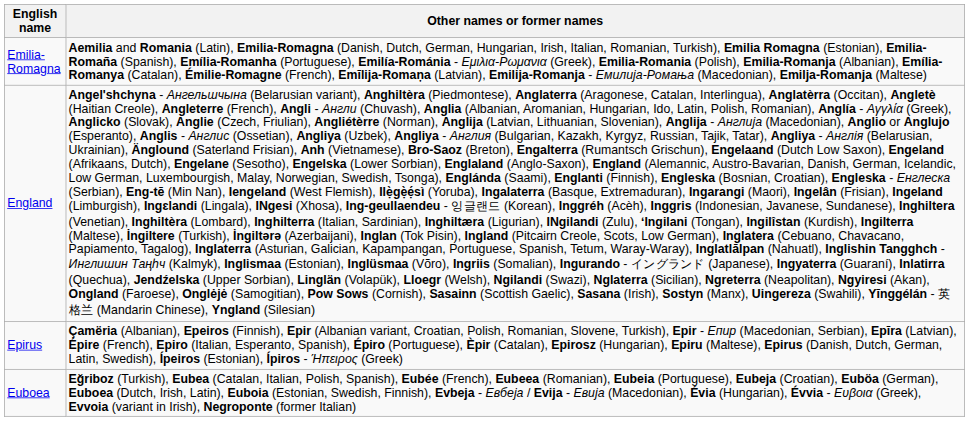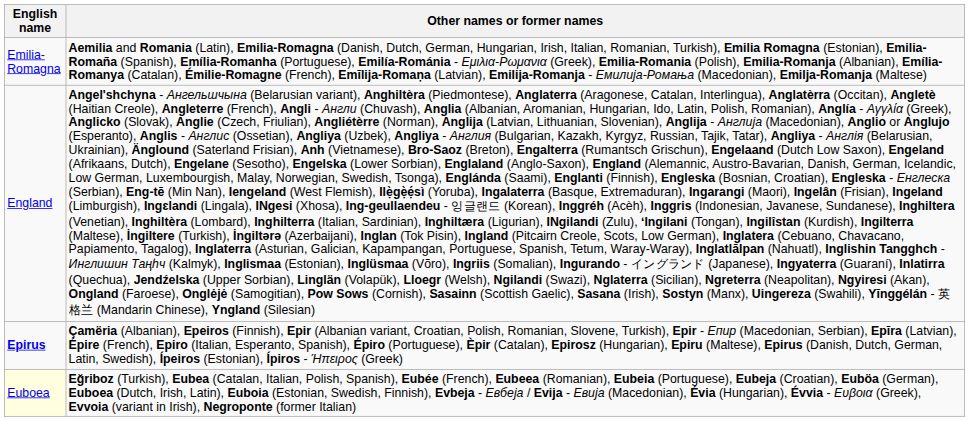 <table class="wikitable">
 <tr>
 <th>English name</th>
 <th>Other names or former names</th>
 </tr>
 <tr>
 <td><a href='#'>Emilia-Romagna</a></td>
 <td><strong>Aemilia</strong> and <strong>Romania</strong> (Latin), <strong>Emilia-Romagna</strong> (Danish, Dutch, German, Hungarian, Irish, Italian, Romanian, Turkish), <strong>Emilia Romagna</strong> (Estonian), <strong>Emilia-Romaña</strong> (Spanish), <strong>Emília-Romanha</strong> (Portuguese), <strong>Emilía-Románia</strong> - <em>Εμιλια-Ρωμανια</em> (Greek), <strong>Emilia-Romania</strong> (Polish), <strong>Emilia-Romanja</strong> (Albanian), <strong>Emília-Romanya</strong> (Catalan), <strong>Émilie-Romagne</strong> (French), <strong>Emīlija-Romaņa</strong> (Latvian), <strong>Emilija-Romanja</strong> - <em>Емилија-Ромања</em> (Macedonian), <strong>Emilja-Romanja</strong> (Maltese)</td>
 </tr>
 <tr>
 <td><a href='#'>England</a></td>
 <td><strong>Angel'shchyna</strong> - <em>Ангельшчына</em> (Belarusian variant), <strong>Anghiltèra</strong> (Piedmontese), <strong>Anglaterra</strong> (Aragonese, Catalan, Interlingua), <strong>Anglatèrra</strong> (Occitan), <strong>Angletè</strong> (Haitian Creole), <strong>Angleterre</strong> (French), <strong>Angli</strong> - <em>Англи</em> (Chuvash), <strong>Anglia</strong> (Albanian, Aromanian, Hungarian, Ido, Latin, Polish, Romanian), <strong>Anglía</strong> - <em>Αγγλία</em> (Greek), <strong>Anglicko</strong> (Slovak), <strong>Anglie</strong> (Czech, Friulian), <strong>Angliétèrre</strong> (Norman), <strong>Anglija</strong> (Latvian, Lithuanian, Slovenian), <strong>Anglija</strong> - <em>Англија</em> (Macedonian), <strong>Anglio</strong> or <strong>Anglujo</strong> (Esperanto), <strong>Anglis</strong> - <em>Англис</em> (Ossetian), <strong>Angliya</strong> (Uzbek), <strong>Angliya</strong> - <em>Англия</em> (Bulgarian, Kazakh, Kyrgyz, Russian, Tajik, Tatar), <strong>Angliya</strong> - <em>Англія</em> (Belarusian, Ukrainian), <strong>Änglound</strong> (Saterland Frisian), <strong>Anh</strong> (Vietnamese), <strong>Bro-Saoz</strong> (Breton), <strong>Engalterra</strong> (Rumantsch Grischun), <strong>Engelaand</strong> (Dutch Low Saxon), <strong>Engeland</strong> (Afrikaans, Dutch), <strong>Engelane</strong> (Sesotho), <strong>Engelska</strong> (Lower Sorbian), <strong>Englaland</strong> (Anglo-Saxon), <strong>England</strong> (Alemannic, Austro-Bavarian, Danish, German, Icelandic, Low German, Luxembourgish, Malay, Norwegian, Swedish, Tsonga), <strong>Englánda</strong> (Saami), <strong>Englanti</strong> (Finnish), <strong>Engleska</strong> (Bosnian, Croatian), <strong>Engleska</strong> - <em>Енглеска</em> (Serbian), <strong>Eng-tē</strong> (Min Nan), <strong>Iengeland</strong> (West Flemish), <strong>Ilẹ̀gẹ̀ẹ́sì</strong> (Yoruba), <strong>Ingalaterra</strong> (Basque, Extremaduran), <strong>Ingarangi</strong> (Maori), <strong>Ingelân</strong> (Frisian), <strong>Ingeland</strong> (Limburgish), <strong>Ingɛlandi</strong> (Lingala), <strong>INgesi</strong> (Xhosa), <strong>Ing-geullaendeu</strong> - 잉글랜드 (Korean), <strong>Inggréh</strong> (Acèh), <strong>Inggris</strong> (Indonesian, Javanese, Sundanese), <strong>Inghiltera</strong> (Venetian), <strong>Inghiltèra</strong> (Lombard), <strong>Inghilterra</strong> (Italian, Sardinian), <strong>Inghiltæra</strong> (Ligurian), <strong>INgilandi</strong> (Zulu), <strong>ʻIngilani</strong> (Tongan), <strong>Ingilîstan</strong> (Kurdish), <strong>Ingilterra</strong> (Maltese), <strong>İngiltere</strong> (Turkish), <strong>İngiltərə</strong> (Azerbaijani), <strong>Inglan</strong> (Tok Pisin), <strong>Ingland</strong> (Pitcairn Creole, Scots, Low German), <strong>Inglatera</strong> (Cebuano, Chavacano, Papiamento, Tagalog), <strong>Inglaterra</strong> (Asturian, Galician, Kapampangan, Portuguese, Spanish, Tetum, Waray-Waray), <strong>Inglatlālpan</strong> (Nahuatl), <strong>Inglishin Tangghch</strong> - <em>Инглишин Таңһч</em> (Kalmyk), <strong>Inglismaa</strong> (Estonian), <strong>Inglüsmaa</strong> (Võro), <strong>Ingriis</strong> (Somalian), <strong>Ingurando</strong> - イングランド (Japanese), <strong>Ingyaterra</strong> (Guaraní), <strong>Inlatirra</strong> (Quechua), <strong>Jendźelska</strong> (Upper Sorbian), <strong>Linglän</strong> (Volapük), <strong>Lloegr</strong> (Welsh), <strong>Ngilandi</strong> (Swazi), <strong>Nglaterra</strong> (Sicilian), <strong>Ngreterra</strong> (Neapolitan), <strong>Ngyiresi</strong> (Akan), <strong>Ongland</strong> (Faroese), <strong>Onglėjė</strong> (Samogitian), <strong>Pow Sows</strong> (Cornish), <strong>Sasainn</strong> (Scottish Gaelic), <strong>Sasana</strong> (Irish), <strong>Sostyn</strong> (Manx), <strong>Uingereza</strong> (Swahili), <strong>Yīnggélán</strong> - 英格兰 (Mandarin Chinese), <strong>Yngland</strong> (Silesian)</td>
 </tr>
 <tr>
-<td><a href='#'>Epirus</a></td>
+<td><strong><a href='#'>Epirus</a></strong></td>
 <td><strong>Çamëria</strong> (Albanian), <strong>Epeiros</strong> (Finnish), <strong>Epir</strong> (Albanian variant, Croatian, Polish, Romanian, Slovene, Turkish), <strong>Epir</strong> - <em>Епир</em> (Macedonian, Serbian), <strong>Epīra</strong> (Latvian), <strong>Épire</strong> (French), <strong>Epiro</strong> (Italian, Esperanto, Spanish), <strong>Épiro</strong> (Portuguese), <strong>Èpir</strong> (Catalan), <strong>Epirosz</strong> (Hungarian), <strong>Epiru</strong> (Maltese), <strong>Epirus</strong> (Danish, Dutch, German, Latin, Swedish), <strong>Ípeiros</strong> (Estonian), <strong>Ípiros</strong> - <em>Ήπειρος</em> (Greek)</td>
 </tr>
 <tr>
-<td><a href='#'>Euboea</a></td>
+<td style="background: lightyellow;"><a href='#'>Euboea</a></td>
 <td><strong>Eğriboz</strong> (Turkish), <strong>Eubea</strong> (Catalan, Italian, Polish, Spanish), <strong>Eubée</strong> (French), <strong>Eubeea</strong> (Romanian), <strong>Eubeia</strong> (Portuguese), <strong>Eubeja</strong> (Croatian), <strong>Euböa</strong> (German), <strong>Euboea</strong> (Dutch, Irish, Latin), <strong>Euboia</strong> (Estonian, Swedish, Finnish), <strong>Evbeja</strong> - <em>Евбеја</em> / <strong>Evija</strong> - <em>Евија</em> (Macedonian), <strong>Évia</strong> (Hungarian), <strong>Évvia</strong> - <em>Ευβοια</em> (Greek), <strong>Evvoia</strong> (variant in Irish), <strong>Negroponte</strong> (former Italian)</td>
 </tr>
 </table>
